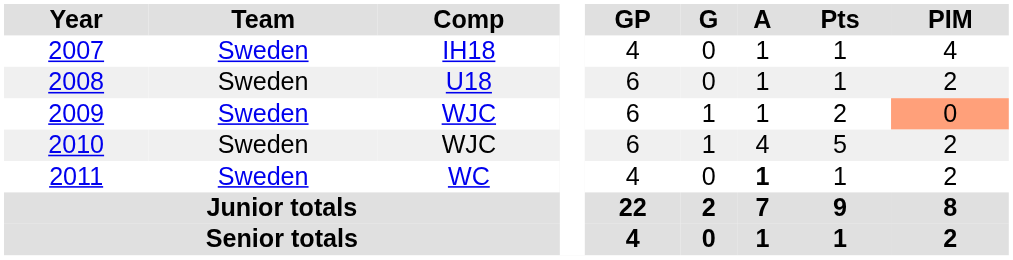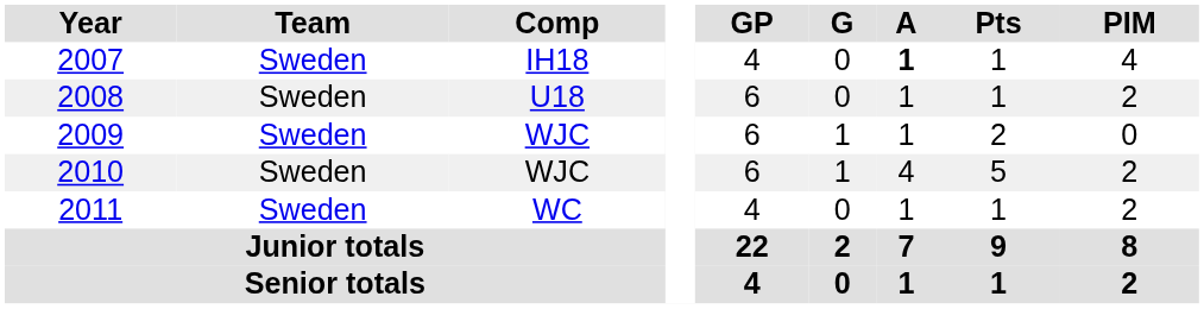 <table border="0" cellpadding="1" cellspacing="0" ID="Table3" style="text-align:center; width:40em">
 <tr ALIGN="center" bgcolor="#e0e0e0">
 <th>Year</th>
 <th>Team</th>
 <th>Comp</th>
 <th ALIGN="center" rowspan="99" bgcolor="#ffffff"> </th>
 <th>GP</th>
 <th>G</th>
 <th>A</th>
 <th>Pts</th>
 <th>PIM</th>
 </tr>
 <tr>
 <td><a href='#'>2007</a></td>
 <td><a href='#'>Sweden</a></td>
 <td><a href='#'>IH18</a></td>
 <td>4</td>
 <td>0</td>
-<td>1</td>
+<td><strong>1</strong></td>
 <td>1</td>
 <td>4</td>
 </tr>
 <tr bgcolor="#f0f0f0">
 <td><a href='#'>2008</a></td>
 <td>Sweden</td>
 <td><a href='#'>U18</a></td>
 <td>6</td>
 <td>0</td>
 <td>1</td>
 <td>1</td>
 <td>2</td>
 </tr>
 <tr>
 <td><a href='#'>2009</a></td>
 <td><a href='#'>Sweden</a></td>
 <td><a href='#'>WJC</a></td>
 <td>6</td>
 <td>1</td>
 <td>1</td>
 <td>2</td>
-<td style="background: lightsalmon;">0</td>
+<td>0</td>
 </tr>
 <tr bgcolor="#f0f0f0">
 <td><a href='#'>2010</a></td>
 <td>Sweden</td>
 <td>WJC</td>
 <td>6</td>
 <td>1</td>
 <td>4</td>
 <td>5</td>
 <td>2</td>
 </tr>
 <tr>
 <td><a href='#'>2011</a></td>
 <td><a href='#'>Sweden</a></td>
 <td><a href='#'>WC</a></td>
 <td>4</td>
 <td>0</td>
-<td><strong>1</strong></td>
+<td>1</td>
 <td>1</td>
 <td>2</td>
 </tr>
 <tr bgcolor="#e0e0e0">
 <th colspan="3">Junior totals</th>
 <th>22</th>
 <th>2</th>
 <th>7</th>
 <th>9</th>
 <th>8</th>
 </tr>
 <tr bgcolor="#e0e0e0">
 <th colspan="3">Senior totals</th>
 <th>4</th>
 <th>0</th>
 <th>1</th>
 <th>1</th>
 <th>2</th>
 </tr>
 </table>
